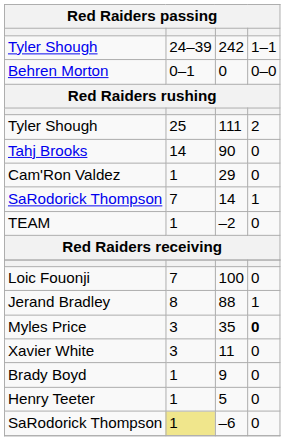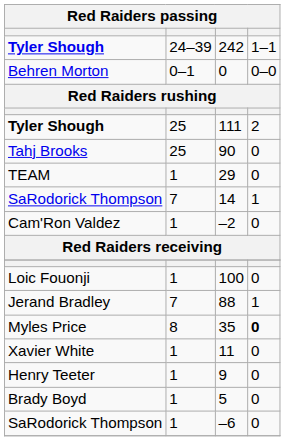 <table class="wikitable plainrowheaders">
 <tr>
 <th colspan="6">Red Raiders passing</th>
 </tr>
 <tr>
 <th scope="col"></th>
 <th scope="col"></th>
 <th scope="col"></th>
 <th scope="col"></th>
 </tr>
 <tr>
-<td><a href='#'>Tyler Shough</a></td>
+<td><strong><a href='#'>Tyler Shough</a></strong></td>
 <td>24–39</td>
 <td>242</td>
 <td>1–1</td>
 </tr>
 <tr>
 <td><a href='#'>Behren Morton</a></td>
 <td>0–1</td>
 <td>0</td>
 <td>0–0</td>
 </tr>
 <tr>
 <th colspan="6">Red Raiders rushing</th>
 </tr>
 <tr>
 <th scope="col"></th>
 <th scope="col"></th>
 <th scope="col"></th>
 <th scope="col"></th>
 </tr>
 <tr>
-<td>Tyler Shough</td>
+<td><strong>Tyler Shough</strong></td>
 <td>25</td>
 <td>111</td>
 <td>2</td>
 </tr>
 <tr>
 <td><a href='#'>Tahj Brooks</a></td>
-<td>14</td>
+<td>25</td>
 <td>90</td>
 <td>0</td>
 </tr>
 <tr>
-<td>Cam'Ron Valdez</td>
+<td>TEAM</td>
 <td>1</td>
 <td>29</td>
 <td>0</td>
 </tr>
 <tr>
 <td><a href='#'>SaRodorick Thompson</a></td>
 <td>7</td>
 <td>14</td>
 <td>1</td>
 </tr>
 <tr>
-<td>TEAM</td>
+<td>Cam'Ron Valdez</td>
 <td>1</td>
 <td>–2</td>
 <td>0</td>
 </tr>
 <tr>
 <th colspan="6">Red Raiders receiving</th>
 </tr>
 <tr>
 </tr>
 <tr>
 <th scope="col"></th>
 <th scope="col"></th>
 <th scope="col"></th>
 <th scope="col"></th>
 </tr>
 <tr>
 <td>Loic Fouonji</td>
-<td>7</td>
+<td>1</td>
 <td>100</td>
 <td>0</td>
 </tr>
 <tr>
 <td>Jerand Bradley</td>
-<td>8</td>
+<td>7</td>
 <td>88</td>
 <td>1</td>
 </tr>
 <tr>
 <td>Myles Price</td>
-<td>3</td>
+<td>8</td>
 <td>35</td>
 <td><strong>0</strong></td>
 </tr>
 <tr>
 <td>Xavier White</td>
-<td>3</td>
+<td>1</td>
 <td>11</td>
 <td>0</td>
 </tr>
 <tr>
-<td>Brady Boyd</td>
+<td>Henry Teeter</td>
 <td>1</td>
 <td>9</td>
 <td>0</td>
 </tr>
 <tr>
-<td>Henry Teeter</td>
+<td>Brady Boyd</td>
 <td>1</td>
 <td>5</td>
 <td>0</td>
 </tr>
 <tr>
 <td>SaRodorick Thompson</td>
-<td style="background: khaki;">1</td>
+<td>1</td>
 <td>–6</td>
 <td>0</td>
 </tr>
 <tr>
 </tr>
 </table>
